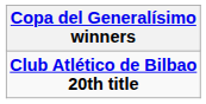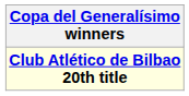 <table class="wikitable" style="text-align: center; margin: 0 auto;">
 <tr>
 <th><a href='#'>Copa del Generalísimo</a><br>winners</th>
 </tr>
 <tr>
-<td><strong><a href='#'>Club Atlético de Bilbao</a></strong><br><strong>20th title</strong></td>
+<td style="background: lightyellow;"><strong><a href='#'>Club Atlético de Bilbao</a></strong><br><strong>20th title</strong></td>
 </tr>
 </table>
